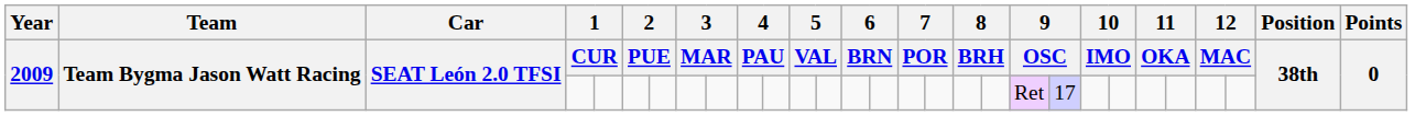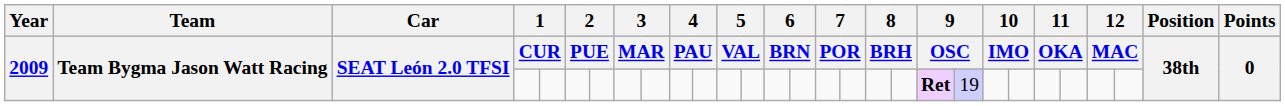 <table class="wikitable" style="text-align:center; font-size:85%">
 <tr>
 <th>Year</th>
 <th>Team</th>
 <th>Car</th>
 <th colspan=2>1</th>
 <th colspan=2>2</th>
 <th colspan=2>3</th>
 <th colspan=2>4</th>
 <th colspan=2>5</th>
 <th colspan=2>6</th>
 <th colspan=2>7</th>
 <th colspan=2>8</th>
 <th colspan=2>9</th>
 <th colspan=2>10</th>
 <th colspan=2>11</th>
 <th colspan=2>12</th>
 <th>Position</th>
 <th>Points</th>
 </tr>
 <tr>
 <th rowspan=2><a href='#'>2009</a></th>
 <th rowspan=2>Team Bygma Jason Watt Racing</th>
 <th rowspan=2><a href='#'>SEAT León 2.0 TFSI</a></th>
 <th colspan=2><a href='#'>CUR</a></th>
 <th colspan=2><a href='#'>PUE</a></th>
 <th colspan=2><a href='#'>MAR</a></th>
 <th colspan=2><a href='#'>PAU</a></th>
 <th colspan=2><a href='#'>VAL</a></th>
 <th colspan=2><a href='#'>BRN</a></th>
 <th colspan=2><a href='#'>POR</a></th>
 <th colspan=2><a href='#'>BRH</a></th>
 <th colspan=2><a href='#'>OSC</a></th>
 <th colspan=2><a href='#'>IMO</a></th>
 <th colspan=2><a href='#'>OKA</a></th>
 <th colspan=2><a href='#'>MAC</a></th>
 <th rowspan=2>38th</th>
 <th rowspan=2>0</th>
 </tr>
 <tr>
 <td></td>
 <td></td>
 <td></td>
 <td></td>
 <td></td>
 <td></td>
 <td></td>
 <td></td>
 <td></td>
 <td></td>
 <td></td>
 <td></td>
 <td></td>
 <td></td>
 <td></td>
 <td></td>
-<td style="background:#efcfff;">Ret</td>
-<td style="background:#cfcfff;">17</td>
+<td style="background:#efcfff;"><strong>Ret</strong></td>
+<td style="background:#cfcfff;">19</td>
 <td></td>
 <td></td>
 <td></td>
 <td></td>
 <td></td>
 <td></td>
 </tr>
 </table>
